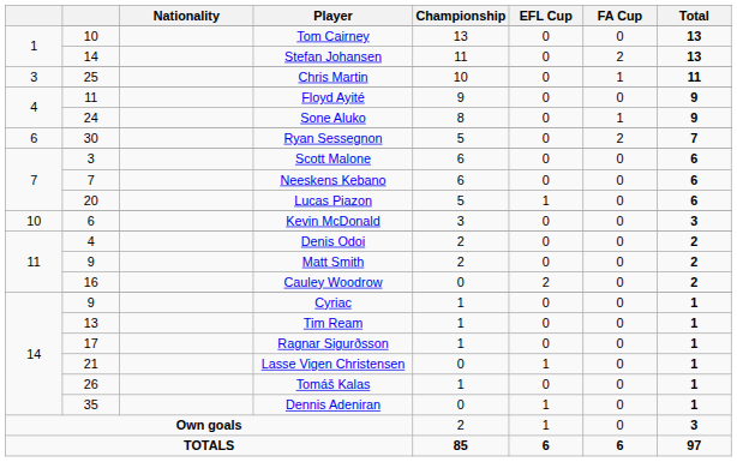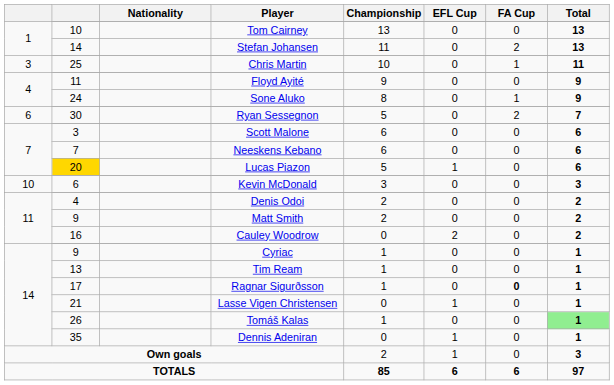 <table class="wikitable" style="font-size: 95%; text-align: center;">
 <tr>
 <th width=60></th>
 <th width=60></th>
 <th width=150>Nationality</th>
 <th width=180>Player</th>
 <th width=100>Championship</th>
 <th width=80>EFL Cup</th>
 <th width=80>FA Cup</th>
 <th width=80>Total</th>
 </tr>
 <tr>
 <td rowspan="3">1</td>
 </tr>
 <tr>
 <td>10</td>
 <td></td>
 <td><a href='#'>Tom Cairney</a></td>
 <td>13</td>
 <td>0</td>
 <td>0</td>
 <td><strong>13</strong></td>
 </tr>
 <tr>
 <td>14</td>
 <td></td>
 <td><a href='#'>Stefan Johansen</a></td>
 <td>11</td>
 <td>0</td>
 <td>2</td>
 <td><strong>13</strong></td>
 </tr>
 <tr>
 <td rowspan="2">3</td>
 </tr>
 <tr>
 <td>25</td>
 <td></td>
 <td><a href='#'>Chris Martin</a></td>
 <td>10</td>
 <td>0</td>
 <td>1</td>
 <td><strong>11</strong></td>
 </tr>
 <tr>
 <td rowspan="3">4</td>
 </tr>
 <tr>
 <td>11</td>
 <td></td>
 <td><a href='#'>Floyd Ayité</a></td>
 <td>9</td>
 <td>0</td>
 <td>0</td>
 <td><strong>9</strong></td>
 </tr>
 <tr>
 <td>24</td>
 <td></td>
 <td><a href='#'>Sone Aluko</a></td>
 <td>8</td>
 <td>0</td>
 <td>1</td>
 <td><strong>9</strong></td>
 </tr>
 <tr>
 <td rowspan="2">6</td>
 </tr>
 <tr>
 <td>30</td>
 <td></td>
 <td><a href='#'>Ryan Sessegnon</a></td>
 <td>5</td>
 <td>0</td>
 <td>2</td>
 <td><strong>7</strong></td>
 </tr>
 <tr>
 <td rowspan="4">7</td>
 </tr>
 <tr>
 <td>3</td>
 <td></td>
 <td><a href='#'>Scott Malone</a></td>
 <td>6</td>
 <td>0</td>
 <td>0</td>
 <td><strong>6</strong></td>
 </tr>
 <tr>
 <td>7</td>
 <td></td>
 <td><a href='#'>Neeskens Kebano</a></td>
 <td>6</td>
 <td>0</td>
 <td>0</td>
 <td><strong>6</strong></td>
 </tr>
 <tr>
-<td>20</td>
+<td style="background: gold;">20</td>
 <td></td>
 <td><a href='#'>Lucas Piazon</a></td>
 <td>5</td>
 <td>1</td>
 <td>0</td>
 <td><strong>6</strong></td>
 </tr>
 <tr>
 <td rowspan="2">10</td>
 </tr>
 <tr>
 <td>6</td>
 <td></td>
 <td><a href='#'>Kevin McDonald</a></td>
 <td>3</td>
 <td>0</td>
 <td>0</td>
 <td><strong>3</strong></td>
 </tr>
 <tr>
 <td rowspan="4">11</td>
 </tr>
 <tr>
 <td>4</td>
 <td></td>
 <td><a href='#'>Denis Odoi</a></td>
 <td>2</td>
 <td>0</td>
 <td>0</td>
 <td><strong>2</strong></td>
 </tr>
 <tr>
 <td>9</td>
 <td></td>
 <td><a href='#'>Matt Smith</a></td>
 <td>2</td>
 <td>0</td>
 <td>0</td>
 <td><strong>2</strong></td>
 </tr>
 <tr>
 <td>16</td>
 <td></td>
 <td><a href='#'>Cauley Woodrow</a></td>
 <td>0</td>
 <td>2</td>
 <td>0</td>
 <td><strong>2</strong></td>
 </tr>
 <tr>
 <td rowspan="7">14</td>
 </tr>
 <tr>
 <td>9</td>
 <td></td>
 <td><a href='#'>Cyriac</a></td>
 <td>1</td>
 <td>0</td>
 <td>0</td>
 <td><strong>1</strong></td>
 </tr>
 <tr>
 <td>13</td>
 <td></td>
 <td><a href='#'>Tim Ream</a></td>
 <td>1</td>
 <td>0</td>
 <td>0</td>
 <td><strong>1</strong></td>
 </tr>
 <tr>
 <td>17</td>
 <td></td>
 <td><a href='#'>Ragnar Sigurðsson</a></td>
 <td>1</td>
 <td>0</td>
-<td>0</td>
+<td><strong>0</strong></td>
 <td><strong>1</strong></td>
 </tr>
 <tr>
 <td>21</td>
 <td></td>
 <td><a href='#'>Lasse Vigen Christensen</a></td>
 <td>0</td>
 <td>1</td>
 <td>0</td>
 <td><strong>1</strong></td>
 </tr>
 <tr>
 <td>26</td>
 <td></td>
 <td><a href='#'>Tomáš Kalas</a></td>
 <td>1</td>
 <td>0</td>
 <td>0</td>
-<td><strong>1</strong></td>
+<td style="background: lightgreen;"><strong>1</strong></td>
 </tr>
 <tr>
 <td>35</td>
 <td></td>
 <td><a href='#'>Dennis Adeniran</a></td>
 <td>0</td>
 <td>1</td>
 <td>0</td>
 <td><strong>1</strong></td>
 </tr>
 <tr>
 <td colspan=4><strong>Own goals</strong></td>
 <td>2</td>
 <td>1</td>
 <td>0</td>
 <td><strong>3</strong></td>
 </tr>
 <tr>
 <td colspan=4><strong>TOTALS</strong></td>
 <td><strong>85</strong></td>
 <td><strong>6</strong></td>
 <td><strong>6</strong></td>
 <td><strong>97</strong></td>
 </tr>
 </table>
